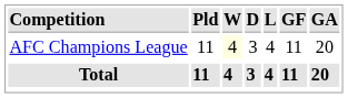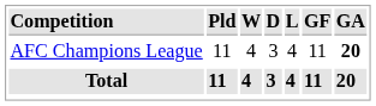 <table style="text-align: left; cellspacing:0; cellpadding:3; border:1px solid #AAAAAA;font-size:90%">
 <tr bgcolor="#E4E4E4">
 <th style="border-bottom:1px solid #AAAAAA" style="text-align: center;">Competition</th>
 <th style="border-bottom:1px solid #AAAAAA" style="text-align: center;">Pld</th>
 <th style="border-bottom:1px solid #AAAAAA" style="text-align: center;">W</th>
 <th style="border-bottom:1px solid #AAAAAA" style="text-align: center;">D</th>
 <th style="border-bottom:1px solid #AAAAAA" style="text-align: center;">L</th>
 <th style="border-bottom:1px solid #AAAAAA" style="text-align: center;">GF</th>
 <th style="border-bottom:1px solid #AAAAAA" style="text-align: center;">GA</th>
 </tr>
 <tr>
 <td><a href='#'>AFC Champions League</a></td>
 <td style="text-align: center;">11</td>
-<td style="background: lightyellow; text-align: center;">4</td>
+<td style="text-align: center;">4</td>
 <td style="text-align: center;">3</td>
 <td style="text-align: center;">4</td>
 <td style="text-align: center;">11</td>
-<td style="text-align: center;">20</td>
+<td style="text-align: center;"><strong>20</strong></td>
 </tr>
 <tr>
 </tr>
 <tr style="background:#E4E4E4;">
 <th ! colspan="1" style="text-align: center;">Total</th>
 <th>11</th>
 <th>4</th>
 <th>3</th>
 <th>4</th>
 <th>11</th>
 <th>20</th>
 </tr>
 <tr>
 </tr>
 </table>
